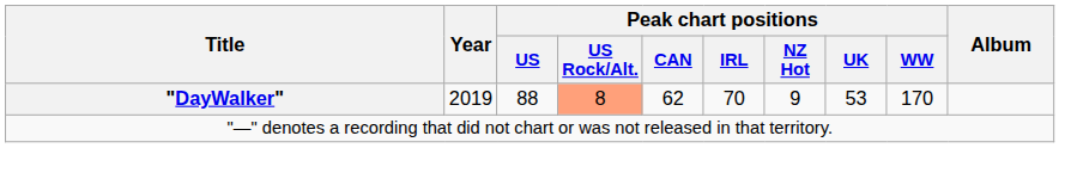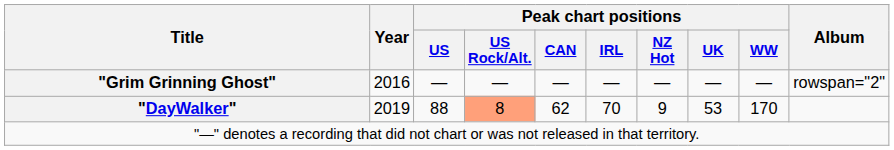 <table class="wikitable plainrowheaders" style="text-align:center;">
 <tr>
 <th scope="col" rowspan="2" style="width:22em;">Title</th>
 <th scope="col" rowspan="2" style="width:1.5em;">Year</th>
 <th colspan="7" style="width:11em;">Peak chart positions</th>
 <th scope="col" rowspan="2" style="width:5em;">Album</th>
 </tr>
 <tr>
 <th scope="col" style="width:3em;font-size:90%;"><a href='#'>US</a><br></th>
 <th scope="col" style="width:3em;font-size:90%;"><a href='#'>US<br>Rock/Alt.</a><br></th>
 <th scope="col" style="width:3em;font-size:90%;"><a href='#'>CAN</a><br></th>
 <th scope="col" style="width:3em;font-size:90%;"><a href='#'>IRL</a><br></th>
 <th scope="col" style="width:3em;font-size:90%;"><a href='#'>NZ Hot</a><br></th>
 <th scope="col" style="width:3em;font-size:90%;"><a href='#'>UK</a><br></th>
 <th scope="col" style="width:3em;font-size:90%;"><a href='#'>WW</a><br></th>
 </tr>
 <tr>
+<th scope="row">"Grim Grinning Ghost"<br></th>
+<td>2016</td>
+<td>—</td>
+<td>—</td>
+<td>—</td>
+<td>—</td>
+<td>—</td>
+<td>—</td>
+<td>—</td>
+<td>rowspan="2" </td>
+</tr>
+<tr>
 <th scope="row">"<a href='#'>DayWalker</a>"<br></th>
 <td>2019</td>
 <td>88</td>
 <td style="background: lightsalmon;">8</td>
 <td>62</td>
 <td>70</td>
 <td>9</td>
 <td>53</td>
 <td>170</td>
 </tr>
 <tr>
 <td colspan="10" style="font-size:90%">"—" denotes a recording that did not chart or was not released in that territory.</td>
 </tr>
 </table>
